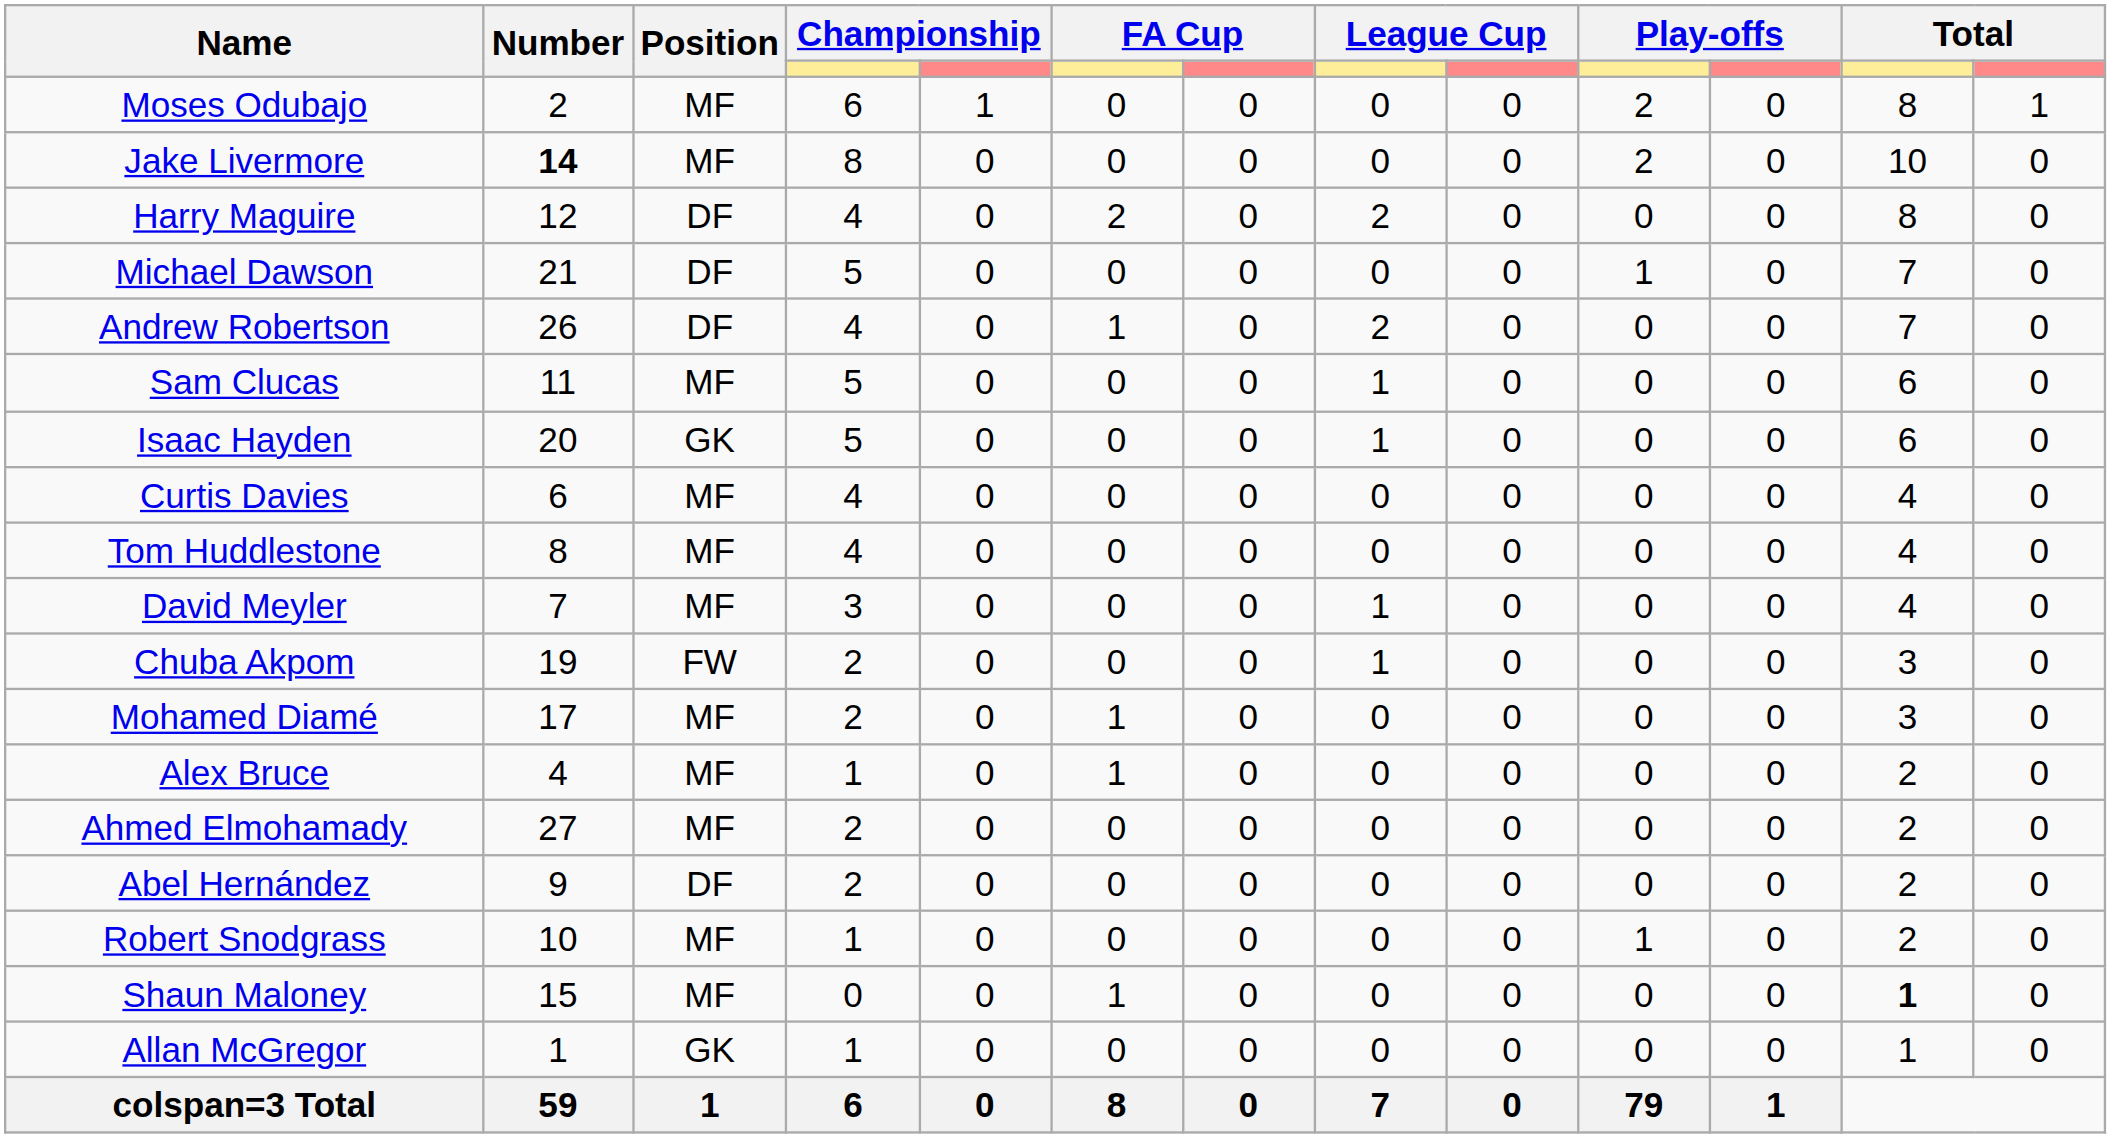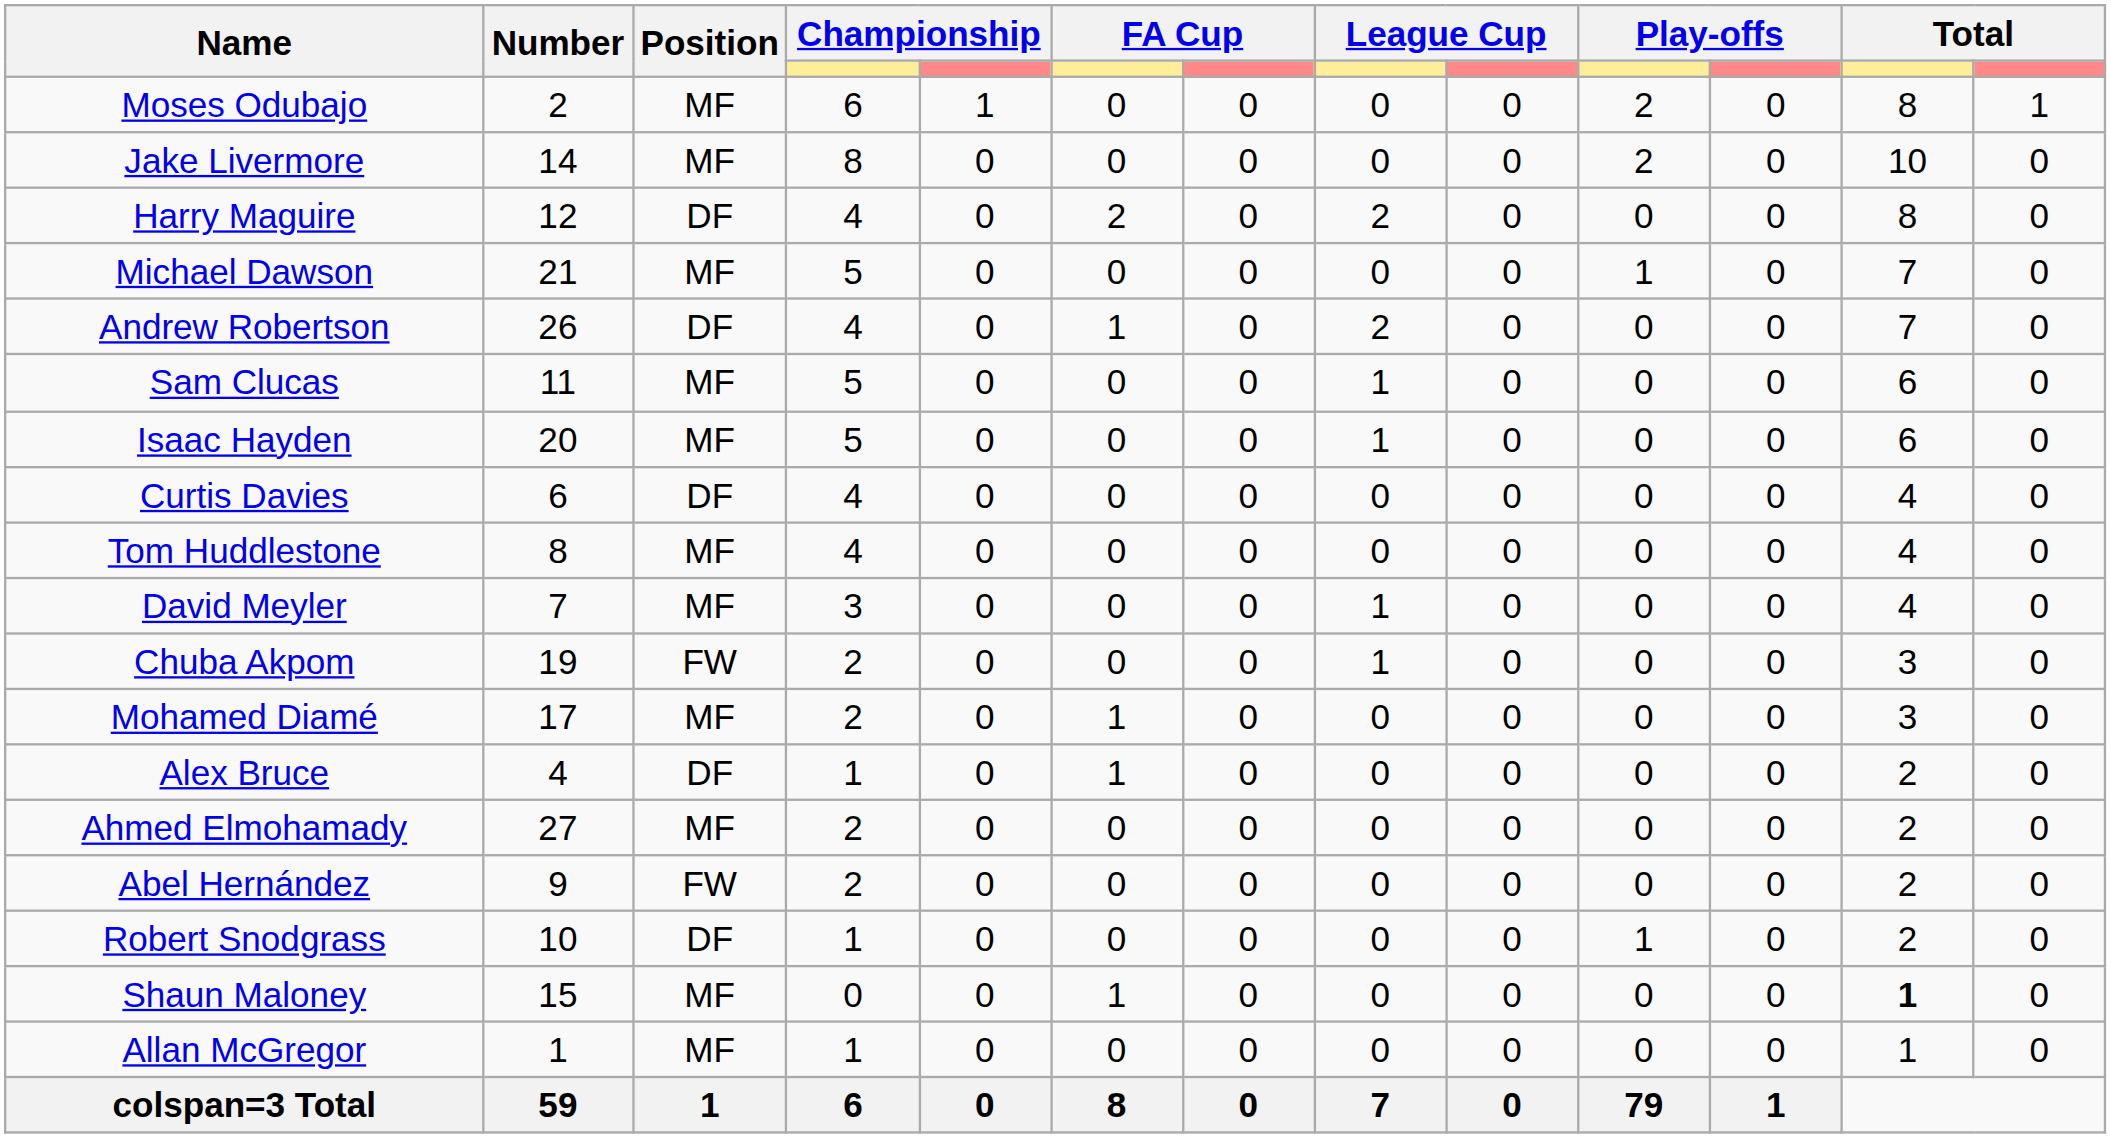 <table class="wikitable" style="font-size: 95%; text-align: center;">
 <tr>
 <th rowspan="2;" style="width:200px;">Name</th>
 <th rowspan=2>Number</th>
 <th rowspan=2>Position</th>
 <th colspan=2><a href='#'>Championship</a></th>
 <th colspan=2><a href='#'>FA Cup</a></th>
 <th colspan=2><a href='#'>League Cup</a></th>
 <th colspan=2><a href='#'>Play-offs</a></th>
 <th colspan=2>Total</th>
 </tr>
 <tr>
 <th style="width:50px; background:#fe9;"></th>
 <th style="width:50px; background:#ff8888;"></th>
 <th style="width:50px; background:#fe9;"></th>
 <th style="width:50px; background:#ff8888;"></th>
 <th style="width:50px; background:#fe9;"></th>
 <th style="width:50px; background:#ff8888;"></th>
 <th style="width:50px; background:#fe9;"></th>
 <th style="width:50px; background:#ff8888;"></th>
 <th style="width:50px; background:#fe9;"></th>
 <th style="width:50px; background:#ff8888;"></th>
 </tr>
 <tr>
 <td> <a href='#'>Moses Odubajo</a></td>
 <td>2</td>
 <td>MF</td>
 <td>6</td>
 <td>1</td>
 <td>0</td>
 <td>0</td>
 <td>0</td>
 <td>0</td>
 <td>2</td>
 <td>0</td>
 <td>8</td>
 <td>1</td>
 </tr>
 <tr>
 <td> <a href='#'>Jake Livermore</a></td>
-<td><strong>14</strong></td>
+<td>14</td>
 <td>MF</td>
 <td>8</td>
 <td>0</td>
 <td>0</td>
 <td>0</td>
 <td>0</td>
 <td>0</td>
 <td>2</td>
 <td>0</td>
 <td>10</td>
 <td>0</td>
 </tr>
 <tr>
 <td> <a href='#'>Harry Maguire</a></td>
 <td>12</td>
 <td>DF</td>
 <td>4</td>
 <td>0</td>
 <td>2</td>
 <td>0</td>
 <td>2</td>
 <td>0</td>
 <td>0</td>
 <td>0</td>
 <td>8</td>
 <td>0</td>
 </tr>
 <tr>
 <td> <a href='#'>Michael Dawson</a></td>
 <td>21</td>
-<td>DF</td>
+<td>MF</td>
 <td>5</td>
 <td>0</td>
 <td>0</td>
 <td>0</td>
 <td>0</td>
 <td>0</td>
 <td>1</td>
 <td>0</td>
 <td>7</td>
 <td>0</td>
 </tr>
 <tr>
 <td> <a href='#'>Andrew Robertson</a></td>
 <td>26</td>
 <td>DF</td>
 <td>4</td>
 <td>0</td>
 <td>1</td>
 <td>0</td>
 <td>2</td>
 <td>0</td>
 <td>0</td>
 <td>0</td>
 <td>7</td>
 <td>0</td>
 </tr>
 <tr>
 <td> <a href='#'>Sam Clucas</a></td>
 <td>11</td>
 <td>MF</td>
 <td>5</td>
 <td>0</td>
 <td>0</td>
 <td>0</td>
 <td>1</td>
 <td>0</td>
 <td>0</td>
 <td>0</td>
 <td>6</td>
 <td>0</td>
 </tr>
 <tr>
 <td> <a href='#'>Isaac Hayden</a></td>
 <td>20</td>
-<td>GK</td>
+<td>MF</td>
 <td>5</td>
 <td>0</td>
 <td>0</td>
 <td>0</td>
 <td>1</td>
 <td>0</td>
 <td>0</td>
 <td>0</td>
 <td>6</td>
 <td>0</td>
 </tr>
 <tr>
 <td> <a href='#'>Curtis Davies</a></td>
 <td>6</td>
-<td>MF</td>
+<td>DF</td>
 <td>4</td>
 <td>0</td>
 <td>0</td>
 <td>0</td>
 <td>0</td>
 <td>0</td>
 <td>0</td>
 <td>0</td>
 <td>4</td>
 <td>0</td>
 </tr>
 <tr>
 <td> <a href='#'>Tom Huddlestone</a></td>
 <td>8</td>
 <td>MF</td>
 <td>4</td>
 <td>0</td>
 <td>0</td>
 <td>0</td>
 <td>0</td>
 <td>0</td>
 <td>0</td>
 <td>0</td>
 <td>4</td>
 <td>0</td>
 </tr>
 <tr>
 <td> <a href='#'>David Meyler</a></td>
 <td>7</td>
 <td>MF</td>
 <td>3</td>
 <td>0</td>
 <td>0</td>
 <td>0</td>
 <td>1</td>
 <td>0</td>
 <td>0</td>
 <td>0</td>
 <td>4</td>
 <td>0</td>
 </tr>
 <tr>
 <td> <a href='#'>Chuba Akpom</a></td>
 <td>19</td>
 <td>FW</td>
 <td>2</td>
 <td>0</td>
 <td>0</td>
 <td>0</td>
 <td>1</td>
 <td>0</td>
 <td>0</td>
 <td>0</td>
 <td>3</td>
 <td>0</td>
 </tr>
 <tr>
 <td> <a href='#'>Mohamed Diamé</a></td>
 <td>17</td>
 <td>MF</td>
 <td>2</td>
 <td>0</td>
 <td>1</td>
 <td>0</td>
 <td>0</td>
 <td>0</td>
 <td>0</td>
 <td>0</td>
 <td>3</td>
 <td>0</td>
 </tr>
 <tr>
 <td> <a href='#'>Alex Bruce</a></td>
 <td>4</td>
-<td>MF</td>
+<td>DF</td>
 <td>1</td>
 <td>0</td>
 <td>1</td>
 <td>0</td>
 <td>0</td>
 <td>0</td>
 <td>0</td>
 <td>0</td>
 <td>2</td>
 <td>0</td>
 </tr>
 <tr>
 <td> <a href='#'>Ahmed Elmohamady</a></td>
 <td>27</td>
 <td>MF</td>
 <td>2</td>
 <td>0</td>
 <td>0</td>
 <td>0</td>
 <td>0</td>
 <td>0</td>
 <td>0</td>
 <td>0</td>
 <td>2</td>
 <td>0</td>
 </tr>
 <tr>
 <td> <a href='#'>Abel Hernández</a></td>
 <td>9</td>
-<td>DF</td>
+<td>FW</td>
 <td>2</td>
 <td>0</td>
 <td>0</td>
 <td>0</td>
 <td>0</td>
 <td>0</td>
 <td>0</td>
 <td>0</td>
 <td>2</td>
 <td>0</td>
 </tr>
 <tr>
 <td> <a href='#'>Robert Snodgrass</a></td>
 <td>10</td>
-<td>MF</td>
+<td>DF</td>
 <td>1</td>
 <td>0</td>
 <td>0</td>
 <td>0</td>
 <td>0</td>
 <td>0</td>
 <td>1</td>
 <td>0</td>
 <td>2</td>
 <td>0</td>
 </tr>
 <tr>
 <td> <a href='#'>Shaun Maloney</a></td>
 <td>15</td>
 <td>MF</td>
 <td>0</td>
 <td>0</td>
 <td>1</td>
 <td>0</td>
 <td>0</td>
 <td>0</td>
 <td>0</td>
 <td>0</td>
 <td><strong>1</strong></td>
 <td>0</td>
 </tr>
 <tr>
 <td> <a href='#'>Allan McGregor</a></td>
 <td>1</td>
-<td>GK</td>
+<td>MF</td>
 <td>1</td>
 <td>0</td>
 <td>0</td>
 <td>0</td>
 <td>0</td>
 <td>0</td>
 <td>0</td>
 <td>0</td>
 <td>1</td>
 <td>0</td>
 </tr>
 <tr>
 <th>colspan=3 Total</th>
 <th>59</th>
 <th>1</th>
 <th>6</th>
 <th>0</th>
 <th>8</th>
 <th>0</th>
 <th>7</th>
 <th>0</th>
 <th>79</th>
 <th>1</th>
 </tr>
 </table>
